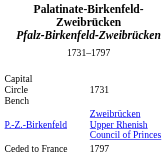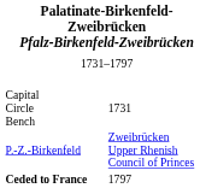 <table align="right" class="toccolours">
 <tr>
 <td colspan=2 align="center"><big><strong>Palatinate-Birkenfeld-Zweibrücken<br><em>Pfalz-Birkenfeld-Zweibrücken<strong><em></big></td>
 </tr>
 <tr>
 <td colspan=2 align="center"></td>
 </tr>
 <tr>
 <td colspan=2 align="center"></strong>1731–1797<strong></td>
 </tr>
 <tr>
 <td><br></td>
 </tr>
 <tr>
 <td width=138px></strong>Capital<br>Circle<br>Bench<strong></td>
 <td>1731</td>
 </tr>
 <tr>
 <td><a href='#'>P.-Z.-Birkenfeld</a></td>
 <td width=138px><a href='#'>Zweibrücken</a><br><a href='#'>Upper Rhenish</a><br><a href='#'>Council of Princes</a></td>
 </tr>
 <tr>
-<td>Ceded to France</td>
+<td><strong>Ceded to France</strong></td>
 <td>1797</td>
 </tr>
 <tr>
 </tr>
 </table>
